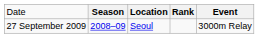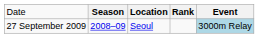 <table class="wikitable sortable" style="font-size:90%" style="text-align:center">
 <tr>
 <td>Date</td>
 <th>Season</th>
 <th>Location</th>
 <th>Rank</th>
 <th>Event</th>
 </tr>
 <tr>
 <td>27 September 2009</td>
 <td><a href='#'>2008–09</a></td>
 <td><a href='#'>Seoul</a></td>
 <td></td>
-<td>3000m Relay</td>
+<td style="background: lightblue;">3000m Relay</td>
 </tr>
 </table>
